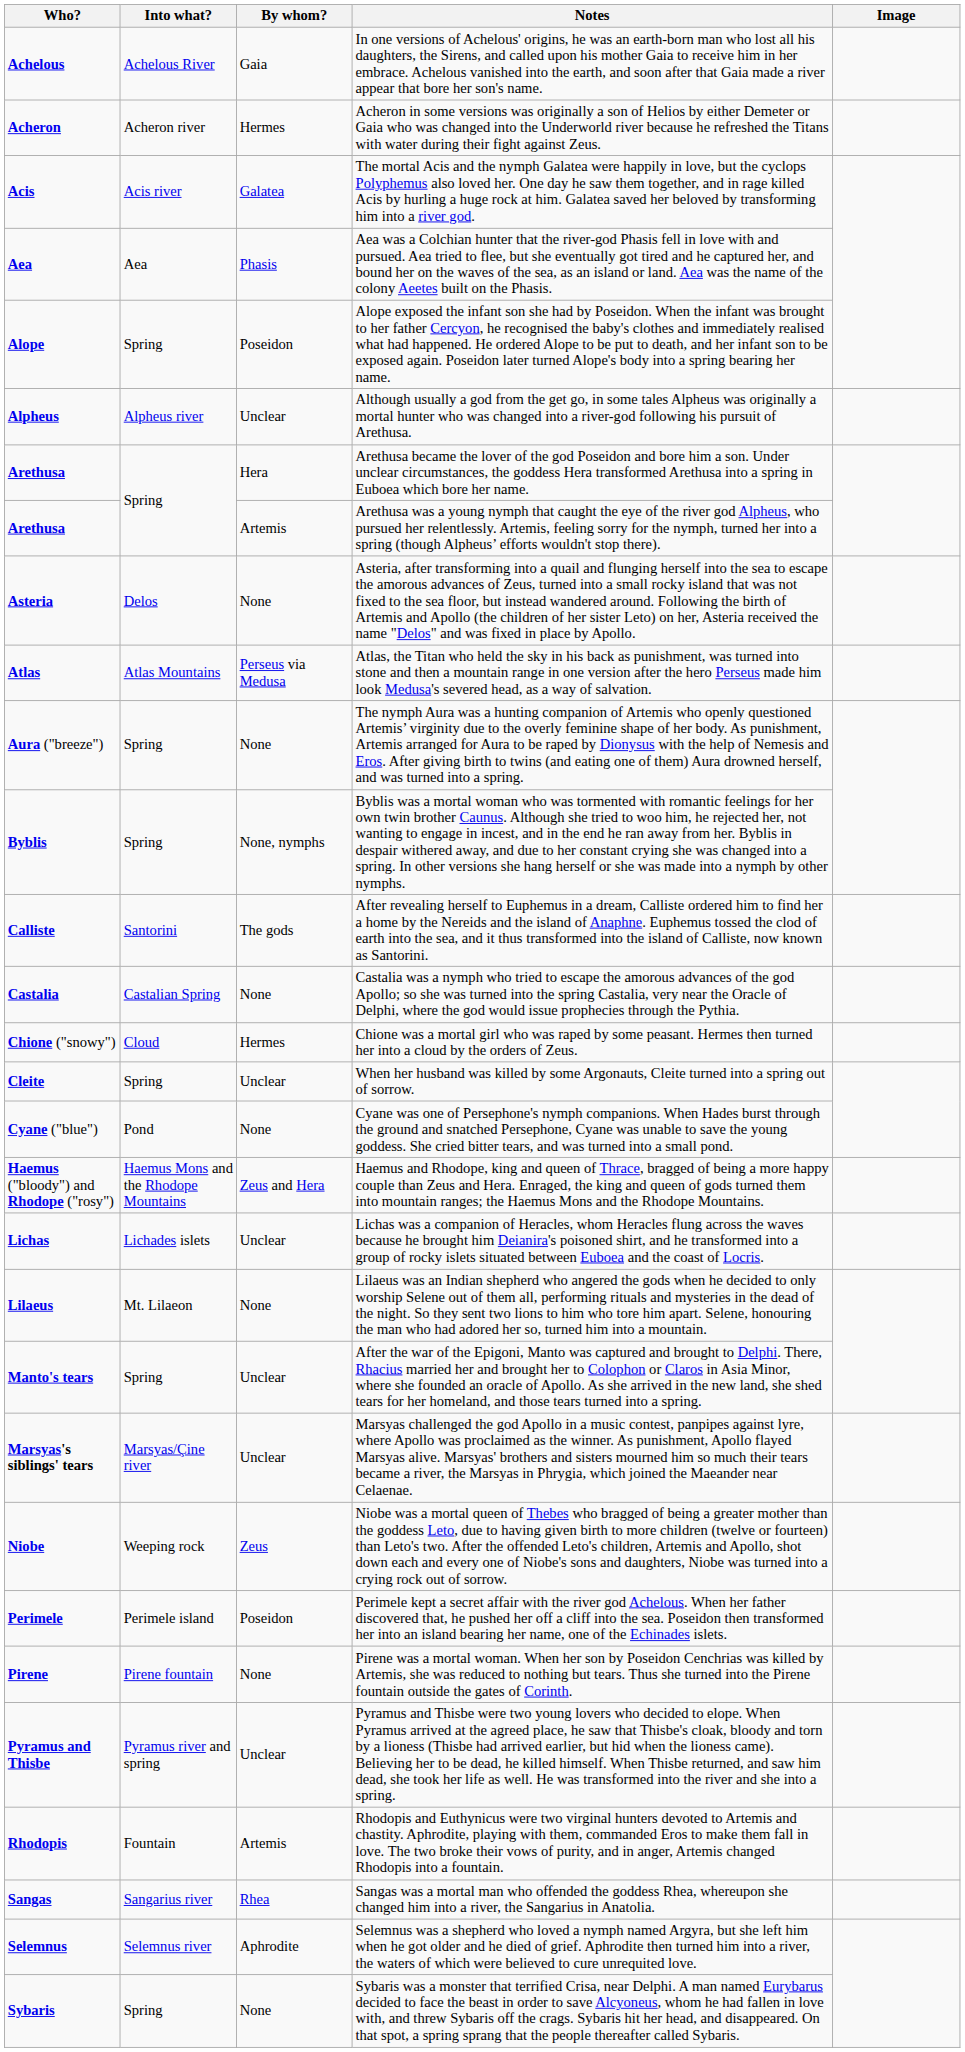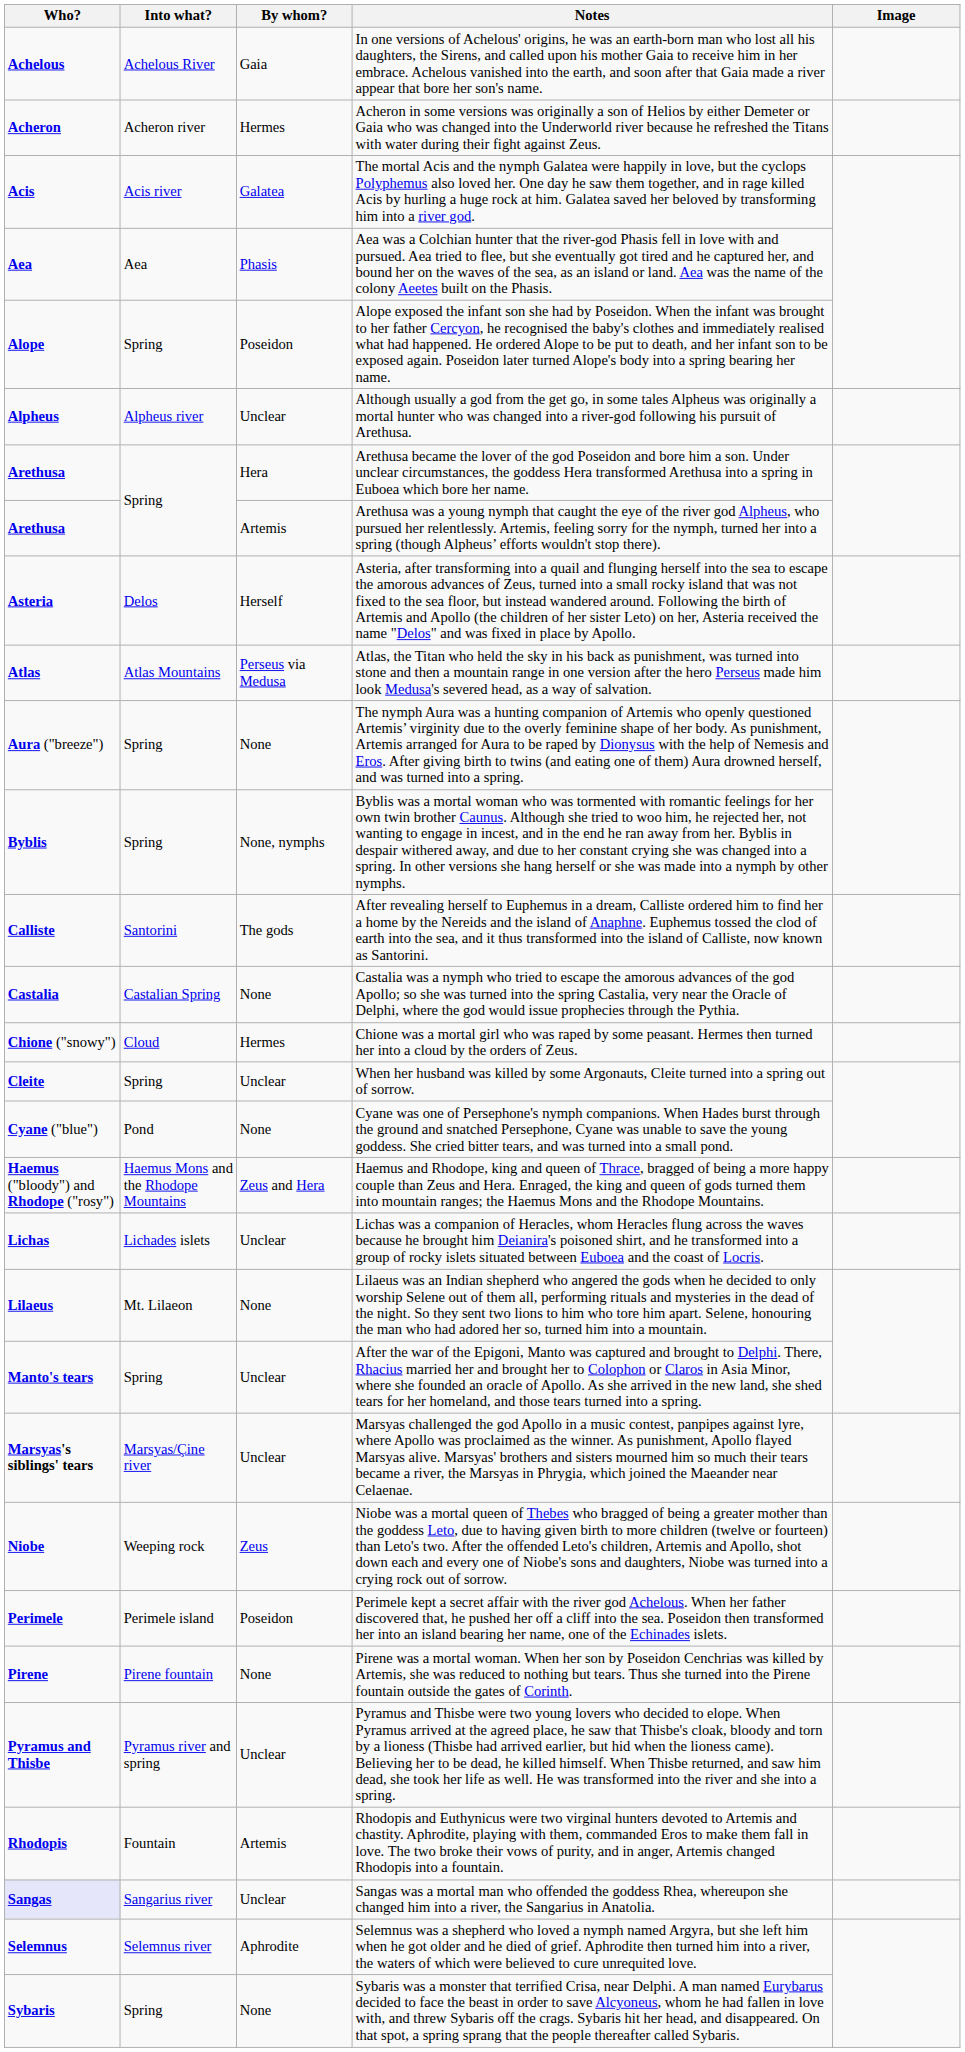 <table class="wikitable sortable">
 <tr>
 <th scope="col" style="width: 90pt;">Who?</th>
 <th scope="col" style="width: 90pt;">Into what?</th>
 <th scope="col" style="width: 90pt;">By whom?</th>
 <th scope="col" style="width: 390pt;">Notes</th>
 <th scope="col" style="width: 100pt;">Image</th>
 </tr>
 <tr>
 <td><strong><a href='#'>Achelous</a></strong></td>
 <td><a href='#'>Achelous River</a></td>
 <td>Gaia</td>
 <td>In one versions of Achelous' origins, he was an earth-born man who lost all his daughters, the Sirens, and called upon his mother Gaia to receive him in her embrace. Achelous vanished into the earth, and soon after that Gaia made a river appear that bore her son's name.</td>
 <td></td>
 </tr>
 <tr>
 <td><strong><a href='#'>Acheron</a></strong></td>
 <td>Acheron river</td>
 <td>Hermes</td>
 <td>Acheron in some versions was originally a son of Helios by either Demeter or Gaia who was changed into the Underworld river because he refreshed the Titans with water during their fight against Zeus.</td>
 <td></td>
 </tr>
 <tr>
 <td><strong><a href='#'>Acis</a></strong></td>
 <td><a href='#'>Acis river</a></td>
 <td><a href='#'>Galatea</a></td>
 <td>The mortal Acis and the nymph Galatea were happily in love, but the cyclops <a href='#'>Polyphemus</a> also loved her. One day he saw them together, and in rage killed Acis by hurling a huge rock at him. Galatea saved her beloved by transforming him into a <a href='#'>river god</a>.</td>
 </tr>
 <tr>
 <td><strong><a href='#'>Aea</a></strong></td>
 <td>Aea</td>
 <td><a href='#'>Phasis</a></td>
 <td>Aea was a Colchian hunter that the river-god Phasis fell in love with and pursued. Aea tried to flee, but she eventually got tired and he captured her, and bound her on the waves of the sea, as an island or land. <a href='#'>Aea</a> was the name of the colony <a href='#'>Aeetes</a> built on the Phasis.</td>
 </tr>
 <tr>
 <td><strong><a href='#'>Alope</a></strong></td>
 <td>Spring</td>
 <td>Poseidon</td>
 <td>Alope exposed the infant son she had by Poseidon. When the infant was brought to her father <a href='#'>Cercyon</a>, he recognised the baby's clothes and immediately realised what had happened. He ordered Alope to be put to death, and her infant son to be exposed again. Poseidon later turned Alope's body into a spring bearing her name.</td>
 </tr>
 <tr>
 <td><strong><a href='#'>Alpheus</a></strong></td>
 <td><a href='#'>Alpheus river</a></td>
 <td>Unclear</td>
 <td>Although usually a god from the get go, in some tales Alpheus was originally a mortal hunter who was changed into a river-god following his pursuit of Arethusa.</td>
 <td></td>
 </tr>
 <tr>
 <td><strong><a href='#'>Arethusa</a></strong></td>
 <td rowspan="2">Spring</td>
 <td>Hera</td>
 <td>Arethusa became the lover of the god Poseidon and bore him a son. Under unclear circumstances, the goddess Hera transformed Arethusa into a spring in Euboea which bore her name.</td>
 </tr>
 <tr>
 <td><strong><a href='#'>Arethusa</a></strong></td>
 <td>Artemis</td>
 <td>Arethusa was a young nymph that caught the eye of the river god <a href='#'>Alpheus</a>, who pursued her relentlessly. Artemis, feeling sorry for the nymph, turned her into a spring (though Alpheus’ efforts wouldn't stop there).</td>
 </tr>
 <tr>
 <td><strong><a href='#'>Asteria</a></strong></td>
 <td><a href='#'>Delos</a></td>
-<td>None</td>
+<td>Herself</td>
 <td>Asteria, after transforming into a quail and flunging herself into the sea to escape the amorous advances of Zeus, turned into a small rocky island that was not fixed to the sea floor, but instead wandered around. Following the birth of Artemis and Apollo (the children of her sister Leto) on her, Asteria received the name "<a href='#'>Delos</a>" and was fixed in place by Apollo.</td>
 <td></td>
 </tr>
 <tr>
 <td><strong><a href='#'>Atlas</a></strong></td>
 <td><a href='#'>Atlas Mountains</a></td>
 <td><a href='#'>Perseus</a> via <a href='#'>Medusa</a></td>
 <td>Atlas, the Titan who held the sky in his back as punishment, was turned into stone and then a mountain range in one version after the hero <a href='#'>Perseus</a> made him look <a href='#'>Medusa</a>'s severed head, as a way of salvation.</td>
 <td></td>
 </tr>
 <tr>
 <td><strong><a href='#'>Aura</a></strong> ("breeze")</td>
 <td>Spring</td>
 <td>None</td>
 <td>The nymph Aura was a hunting companion of Artemis who openly questioned Artemis’ virginity due to the overly feminine shape of her body. As punishment, Artemis arranged for Aura to be raped by <a href='#'>Dionysus</a> with the help of Nemesis and <a href='#'>Eros</a>. After giving birth to twins (and eating one of them) Aura drowned herself, and was turned into a spring.</td>
 </tr>
 <tr>
 <td><strong><a href='#'>Byblis</a></strong></td>
 <td>Spring</td>
 <td>None, nymphs</td>
 <td>Byblis was a mortal woman who was tormented with romantic feelings for her own twin brother <a href='#'>Caunus</a>. Although she tried to woo him, he rejected her, not wanting to engage in incest, and in the end he ran away from her. Byblis in despair withered away, and due to her constant crying she was changed into a spring. In other versions she hang herself or she was made into a nymph by other nymphs.</td>
 </tr>
 <tr>
 <td><strong><a href='#'>Calliste</a></strong></td>
 <td><a href='#'>Santorini</a></td>
 <td>The gods</td>
 <td>After revealing herself to Euphemus in a dream, Calliste ordered him to find her a home by the Nereids and the island of <a href='#'>Anaphne</a>. Euphemus tossed the clod of earth into the sea, and it thus transformed into the island of Calliste, now known as Santorini.</td>
 <td></td>
 </tr>
 <tr>
 <td><strong><a href='#'>Castalia</a></strong></td>
 <td><a href='#'>Castalian Spring</a></td>
 <td>None</td>
 <td>Castalia was a nymph who tried to escape the amorous advances of the god Apollo; so she was turned into the spring Castalia, very near the Oracle of Delphi, where the god would issue prophecies through the Pythia.</td>
 <td></td>
 </tr>
 <tr>
 <td><strong><a href='#'>Chione</a></strong> ("snowy")</td>
 <td><a href='#'>Cloud</a></td>
 <td>Hermes</td>
 <td>Chione was a mortal girl who was raped by some peasant. Hermes then turned her into a cloud by the orders of Zeus.</td>
 <td></td>
 </tr>
 <tr>
 <td><strong><a href='#'>Cleite</a></strong></td>
 <td>Spring</td>
 <td>Unclear</td>
 <td>When her husband was killed by some Argonauts, Cleite turned into a spring out of sorrow.</td>
 </tr>
 <tr>
 <td><strong><a href='#'>Cyane</a></strong> ("blue")</td>
 <td>Pond</td>
 <td>None</td>
 <td>Cyane was one of Persephone's nymph companions. When Hades burst through the ground and snatched Persephone, Cyane was unable to save the young goddess. She cried bitter tears, and was turned into a small pond.</td>
 </tr>
 <tr>
 <td><strong><a href='#'>Haemus</a></strong> ("bloody") and <strong><a href='#'>Rhodope</a></strong> ("rosy")</td>
 <td><a href='#'>Haemus Mons</a> and the <a href='#'>Rhodope Mountains</a></td>
 <td><a href='#'>Zeus</a> and <a href='#'>Hera</a></td>
 <td>Haemus and Rhodope, king and queen of <a href='#'>Thrace</a>, bragged of being a more happy couple than Zeus and Hera. Enraged, the king and queen of gods turned them into mountain ranges; the Haemus Mons and the Rhodope Mountains.</td>
 <td><br></td>
 </tr>
 <tr>
 <td><strong><a href='#'>Lichas</a></strong></td>
 <td><a href='#'>Lichades</a> islets</td>
 <td>Unclear</td>
 <td>Lichas was a companion of Heracles, whom Heracles flung across the waves because he brought him <a href='#'>Deianira</a>'s poisoned shirt, and he transformed into a group of rocky islets situated between <a href='#'>Euboea</a> and the coast of <a href='#'>Locris</a>.</td>
 <td></td>
 </tr>
 <tr>
 <td><strong><a href='#'>Lilaeus</a></strong></td>
 <td>Mt. Lilaeon</td>
 <td>None</td>
 <td>Lilaeus was an Indian shepherd who angered the gods when he decided to only worship Selene out of them all, performing rituals and mysteries in the dead of the night. So they sent two lions to him who tore him apart. Selene, honouring the man who had adored her so, turned him into a mountain.</td>
 </tr>
 <tr>
 <td><strong><a href='#'>Manto's tears</a></strong></td>
 <td>Spring</td>
 <td>Unclear</td>
 <td>After the war of the Epigoni, Manto was captured and brought to <a href='#'>Delphi</a>. There, <a href='#'>Rhacius</a> married her and brought her to <a href='#'>Colophon</a> or <a href='#'>Claros</a> in Asia Minor, where she founded an oracle of Apollo. As she arrived in the new land, she shed tears for her homeland, and those tears turned into a spring.</td>
 </tr>
 <tr>
 <td><strong><a href='#'>Marsyas</a>'s siblings' tears</strong></td>
 <td><a href='#'>Marsyas/Çine river</a></td>
 <td>Unclear</td>
 <td>Marsyas challenged the god Apollo in a music contest, panpipes against lyre, where Apollo was proclaimed as the winner. As punishment, Apollo flayed Marsyas alive. Marsyas' brothers and sisters mourned him so much their tears became a river, the Marsyas in Phrygia, which joined the Maeander near Celaenae.</td>
 <td></td>
 </tr>
 <tr>
 <td><strong><a href='#'>Niobe</a></strong></td>
 <td>Weeping rock</td>
 <td><a href='#'>Zeus</a></td>
 <td>Niobe was a mortal queen of <a href='#'>Thebes</a> who bragged of being a greater mother than the goddess <a href='#'>Leto</a>, due to having given birth to more children (twelve or fourteen) than Leto's two. After the offended Leto's children, Artemis and Apollo, shot down each and every one of Niobe's sons and daughters, Niobe was turned into a crying rock out of sorrow.</td>
 <td></td>
 </tr>
 <tr>
 <td><strong><a href='#'>Perimele</a></strong></td>
 <td>Perimele island</td>
 <td>Poseidon</td>
 <td>Perimele kept a secret affair with the river god <a href='#'>Achelous</a>. When her father discovered that, he pushed her off a cliff into the sea. Poseidon then transformed her into an island bearing her name, one of the <a href='#'>Echinades</a> islets.</td>
 <td></td>
 </tr>
 <tr>
 <td><strong><a href='#'>Pirene</a></strong></td>
 <td><a href='#'>Pirene fountain</a></td>
 <td>None</td>
 <td>Pirene was a mortal woman. When her son by Poseidon Cenchrias was killed by Artemis, she was reduced to nothing but tears. Thus she turned into the Pirene fountain outside the gates of <a href='#'>Corinth</a>.</td>
 <td></td>
 </tr>
 <tr>
 <td><strong><a href='#'>Pyramus and Thisbe</a></strong></td>
 <td><a href='#'>Pyramus river</a> and spring</td>
 <td>Unclear</td>
 <td>Pyramus and Thisbe were two young lovers who decided to elope. When Pyramus arrived at the agreed place, he saw that Thisbe's cloak, bloody and torn by a lioness (Thisbe had arrived earlier, but hid when the lioness came). Believing her to be dead, he killed himself. When Thisbe returned, and saw him dead, she took her life as well. He was transformed into the river and she into a spring.</td>
 <td></td>
 </tr>
 <tr>
 <td><strong><a href='#'>Rhodopis</a></strong></td>
 <td>Fountain</td>
 <td>Artemis</td>
 <td>Rhodopis and Euthynicus were two virginal hunters devoted to Artemis and chastity. Aphrodite, playing with them, commanded Eros to make them fall in love. The two broke their vows of purity, and in anger, Artemis changed Rhodopis into a fountain.</td>
 </tr>
 <tr>
-<td><strong><a href='#'>Sangas</a></strong></td>
+<td style="background: lavender;"><strong><a href='#'>Sangas</a></strong></td>
 <td><a href='#'>Sangarius river</a></td>
-<td><a href='#'>Rhea</a></td>
+<td>Unclear</td>
 <td>Sangas was a mortal man who offended the goddess Rhea, whereupon she changed him into a river, the Sangarius in Anatolia.</td>
 <td></td>
 </tr>
 <tr>
 <td><strong><a href='#'>Selemnus</a></strong></td>
 <td><a href='#'>Selemnus river</a></td>
 <td>Aphrodite</td>
 <td>Selemnus was a shepherd who loved a nymph named Argyra, but she left him when he got older and he died of grief. Aphrodite then turned him into a river, the waters of which were believed to cure unrequited love.</td>
 </tr>
 <tr>
 <td><strong><a href='#'>Sybaris</a></strong></td>
 <td>Spring</td>
 <td>None</td>
 <td>Sybaris was a monster that terrified Crisa, near Delphi. A man named <a href='#'>Eurybarus</a> decided to face the beast in order to save <a href='#'>Alcyoneus</a>, whom he had fallen in love with, and threw Sybaris off the crags. Sybaris hit her head, and disappeared. On that spot, a spring sprang that the people thereafter called Sybaris.</td>
 </tr>
 </table>
